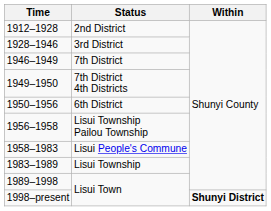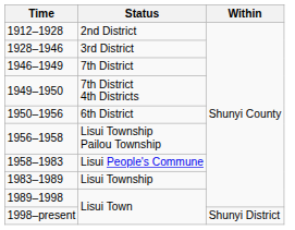 <table class="wikitable">
 <tr>
 <th>Time</th>
 <th>Status</th>
 <th>Within</th>
 </tr>
 <tr>
 <td>1912–1928</td>
 <td>2nd District</td>
 <td rowspan="9">Shunyi County</td>
 </tr>
 <tr>
 <td>1928–1946</td>
 <td>3rd District</td>
 </tr>
 <tr>
 <td>1946–1949</td>
 <td>7th District</td>
 </tr>
 <tr>
 <td>1949–1950</td>
 <td>7th District<br>4th Districts</td>
 </tr>
 <tr>
 <td>1950–1956</td>
 <td>6th District</td>
 </tr>
 <tr>
 <td>1956–1958</td>
 <td>Lisui Township<br>Pailou Township</td>
 </tr>
 <tr>
 <td>1958–1983</td>
 <td>Lisui <a href='#'>People's Commune</a></td>
 </tr>
 <tr>
 <td>1983–1989</td>
 <td>Lisui Township</td>
 </tr>
 <tr>
 <td>1989–1998</td>
 <td rowspan="2">Lisui Town</td>
 </tr>
 <tr>
 <td>1998–present</td>
-<td><strong>Shunyi District</strong></td>
+<td>Shunyi District</td>
 </tr>
 </table>
